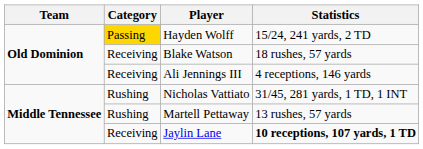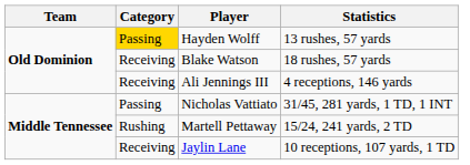 <table class="wikitable" style="float: left;">
 <tr>
 <th>Team</th>
 <th>Category</th>
 <th>Player</th>
 <th>Statistics</th>
 </tr>
 <tr>
 <td rowspan=3><strong>Old Dominion</strong></td>
 <td style="background: gold;">Passing</td>
 <td>Hayden Wolff</td>
-<td>15/24, 241 yards, 2 TD</td>
+<td>13 rushes, 57 yards</td>
 </tr>
 <tr>
 <td>Receiving</td>
 <td>Blake Watson</td>
 <td>18 rushes, 57 yards</td>
 </tr>
 <tr>
 <td>Receiving</td>
 <td>Ali Jennings III</td>
 <td>4 receptions, 146 yards</td>
 </tr>
 <tr>
 <td rowspan=3><strong>Middle Tennessee</strong></td>
-<td>Rushing</td>
+<td>Passing</td>
 <td>Nicholas Vattiato</td>
 <td>31/45, 281 yards, 1 TD, 1 INT</td>
 </tr>
 <tr>
 <td>Rushing</td>
 <td>Martell Pettaway</td>
-<td>13 rushes, 57 yards</td>
+<td>15/24, 241 yards, 2 TD</td>
 </tr>
 <tr>
 <td>Receiving</td>
 <td><a href='#'>Jaylin Lane</a></td>
-<td><strong>10 receptions, 107 yards, 1 TD</strong></td>
+<td>10 receptions, 107 yards, 1 TD</td>
 </tr>
 </table>
